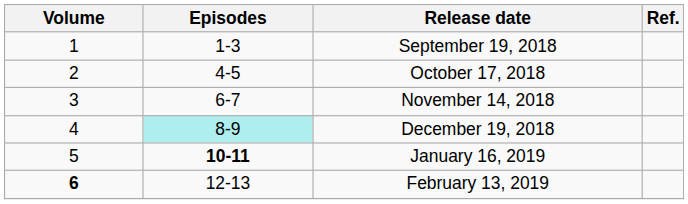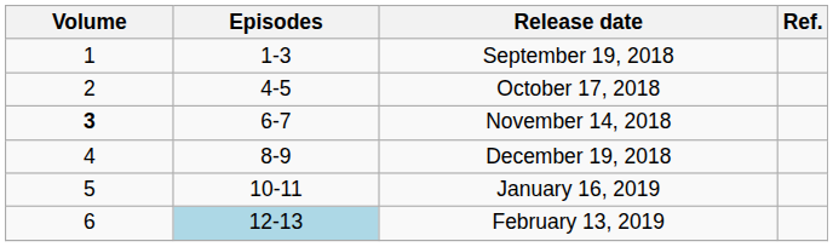 <table class="wikitable" style="text-align: center; width: 100%;">
 <tr>
 <th>Volume</th>
 <th>Episodes</th>
 <th>Release date</th>
 <th width="5%">Ref.</th>
 </tr>
 <tr>
 <td>1</td>
 <td>1-3</td>
 <td>September 19, 2018</td>
 <td></td>
 </tr>
 <tr>
 <td>2</td>
 <td>4-5</td>
 <td>October 17, 2018</td>
 <td></td>
 </tr>
 <tr>
-<td>3</td>
+<td><strong>3</strong></td>
 <td>6-7</td>
 <td>November 14, 2018</td>
 <td></td>
 </tr>
 <tr>
 <td>4</td>
-<td style="background: paleturquoise;">8-9</td>
+<td>8-9</td>
 <td>December 19, 2018</td>
 <td></td>
 </tr>
 <tr>
 <td>5</td>
-<td><strong>10-11</strong></td>
+<td>10-11</td>
 <td>January 16, 2019</td>
 <td></td>
 </tr>
 <tr>
-<td><strong>6</strong></td>
-<td>12-13</td>
+<td>6</td>
+<td style="background: lightblue;">12-13</td>
 <td>February 13, 2019</td>
 <td></td>
 </tr>
 <tr>
 </tr>
 </table>
